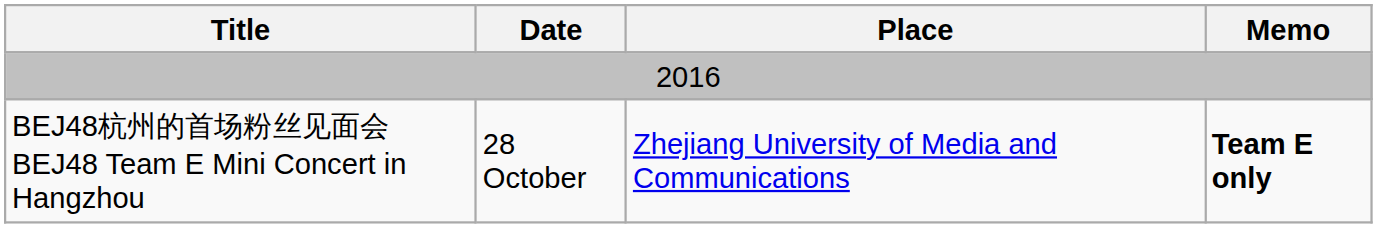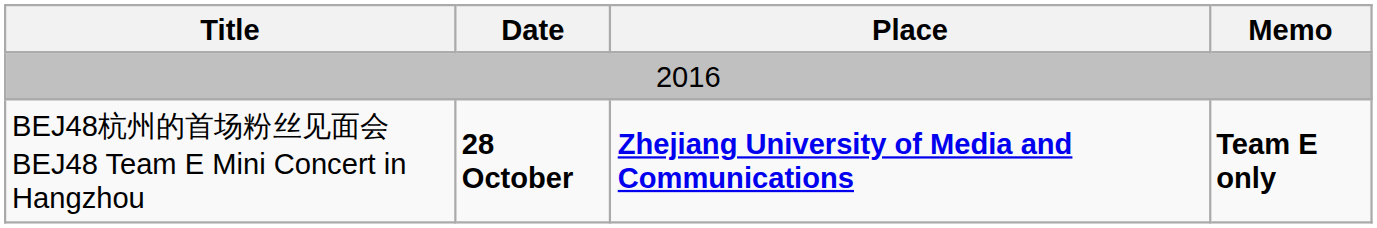 <table class="wikitable" style="font-size:small;">
 <tr>
 <th>Title</th>
 <th>Date</th>
 <th>Place</th>
 <th>Memo</th>
 </tr>
 <tr align="center" bgcolor="#C0C0C0">
 <td colspan="5">2016</td>
 </tr>
 <tr>
 <td>BEJ48杭州的首场粉丝见面会 <br> BEJ48 Team E Mini Concert in Hangzhou</td>
-<td>28 October</td>
-<td><a href='#'>Zhejiang University of Media and Communications</a></td>
+<td><strong>28 October</strong></td>
+<td><strong><a href='#'>Zhejiang University of Media and Communications</a></strong></td>
 <td><strong>Team E only</strong></td>
 </tr>
 </table>
